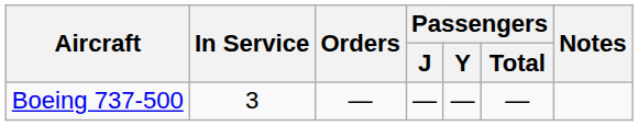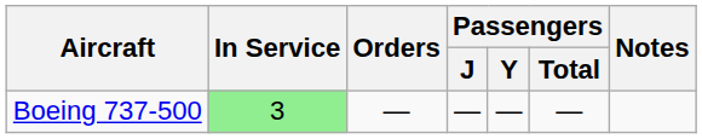 <table class="wikitable" style="margin:1em auto; border-collapse:collapse;text-align:center">
 <tr>
 <th rowspan="2">Aircraft</th>
 <th rowspan="2">In Service</th>
 <th rowspan="2">Orders</th>
 <th colspan="3">Passengers</th>
 <th rowspan="2">Notes</th>
 </tr>
 <tr>
 <th><abbr>J</abbr></th>
 <th><abbr>Y</abbr></th>
 <th>Total</th>
 </tr>
 <tr>
 <td><a href='#'>Boeing 737-500</a></td>
-<td>3</td>
+<td style="background: lightgreen;">3</td>
 <td>—</td>
 <td>—</td>
 <td>—</td>
 <td>—</td>
 <td></td>
 </tr>
 </table>
